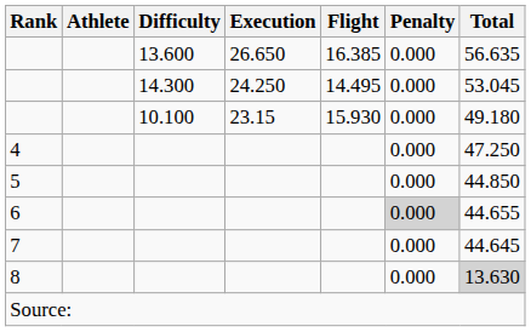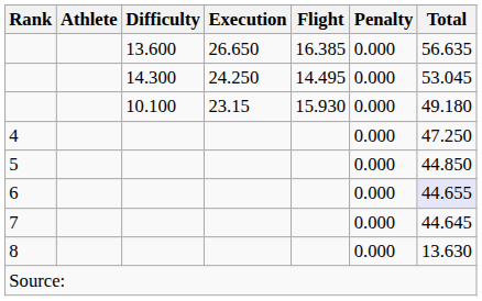 <table class=wikitable>
 <tr>
 <th>Rank</th>
 <th>Athlete</th>
 <th>Difficulty</th>
 <th>Execution</th>
 <th>Flight</th>
 <th>Penalty</th>
 <th>Total</th>
 </tr>
 <tr>
 <td></td>
 <td align=left></td>
 <td>13.600</td>
 <td>26.650</td>
 <td>16.385</td>
 <td>0.000</td>
 <td>56.635</td>
 </tr>
 <tr>
 <td></td>
 <td align=left></td>
 <td>14.300</td>
 <td>24.250</td>
 <td>14.495</td>
 <td>0.000</td>
 <td>53.045</td>
 </tr>
 <tr>
 <td></td>
 <td align=left></td>
 <td>10.100</td>
 <td>23.15</td>
 <td>15.930</td>
 <td>0.000</td>
 <td>49.180</td>
 </tr>
 <tr>
 <td>4</td>
 <td align=left></td>
 <td></td>
 <td></td>
 <td></td>
 <td>0.000</td>
 <td>47.250</td>
 </tr>
 <tr>
 <td>5</td>
 <td align=left></td>
 <td></td>
 <td></td>
 <td></td>
 <td>0.000</td>
 <td>44.850</td>
 </tr>
 <tr>
 <td>6</td>
 <td align=left></td>
 <td></td>
 <td></td>
 <td></td>
-<td style="background: lightgrey;">0.000</td>
-<td>44.655</td>
+<td>0.000</td>
+<td style="background: lavender;">44.655</td>
 </tr>
 <tr>
 <td>7</td>
 <td align=left></td>
 <td></td>
 <td></td>
 <td></td>
 <td>0.000</td>
 <td>44.645</td>
 </tr>
 <tr>
 <td>8</td>
 <td align=left></td>
 <td></td>
 <td></td>
 <td></td>
 <td>0.000</td>
-<td style="background: lightgrey;">13.630</td>
+<td>13.630</td>
 </tr>
 <tr>
 <td colspan=7>Source:</td>
 </tr>
 </table>
